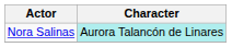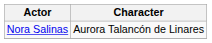 <table class="wikitable">
 <tr>
 <th>Actor</th>
 <th>Character</th>
 </tr>
 <tr>
 <td><a href='#'>Nora Salinas</a></td>
-<td style="background: paleturquoise;">Aurora Talancón de Linares</td>
+<td>Aurora Talancón de Linares</td>
 </tr>
 <tr>
 </tr>
 </table>
